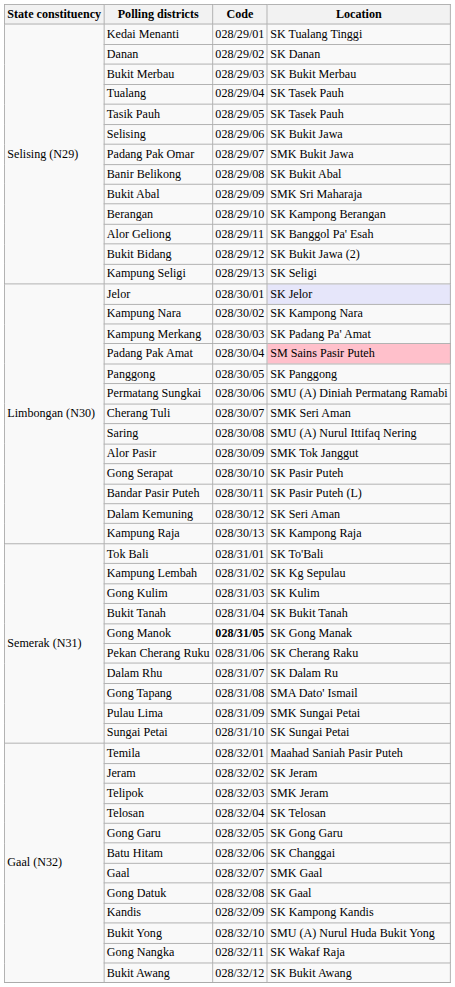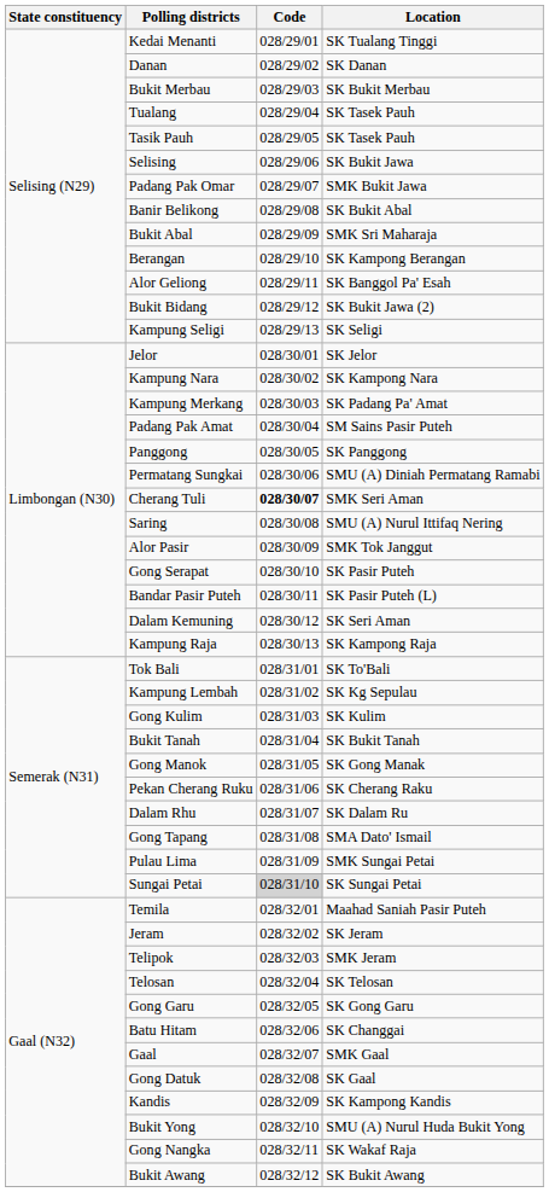 <table class="wikitable sortable mw-collapsible" style="white-space:nowrap;font-size:85%">
 <tr>
 <th>State constituency</th>
 <th>Polling districts</th>
 <th>Code</th>
 <th>Location</th>
 </tr>
 <tr>
 <td rowspan="13">Selising (N29)</td>
 <td>Kedai Menanti</td>
 <td>028/29/01</td>
 <td>SK Tualang Tinggi</td>
 </tr>
 <tr>
 <td>Danan</td>
 <td>028/29/02</td>
 <td>SK Danan</td>
 </tr>
 <tr>
 <td>Bukit Merbau</td>
 <td>028/29/03</td>
 <td>SK Bukit Merbau</td>
 </tr>
 <tr>
 <td>Tualang</td>
 <td>028/29/04</td>
 <td>SK Tasek Pauh</td>
 </tr>
 <tr>
 <td>Tasik Pauh</td>
 <td>028/29/05</td>
 <td>SK Tasek Pauh</td>
 </tr>
 <tr>
 <td>Selising</td>
 <td>028/29/06</td>
 <td>SK Bukit Jawa</td>
 </tr>
 <tr>
 <td>Padang Pak Omar</td>
 <td>028/29/07</td>
 <td>SMK Bukit Jawa</td>
 </tr>
 <tr>
 <td>Banir Belikong</td>
 <td>028/29/08</td>
 <td>SK Bukit Abal</td>
 </tr>
 <tr>
 <td>Bukit Abal</td>
 <td>028/29/09</td>
 <td>SMK Sri Maharaja</td>
 </tr>
 <tr>
 <td>Berangan</td>
 <td>028/29/10</td>
 <td>SK Kampong Berangan</td>
 </tr>
 <tr>
 <td>Alor Geliong</td>
 <td>028/29/11</td>
 <td>SK Banggol Pa' Esah</td>
 </tr>
 <tr>
 <td>Bukit Bidang</td>
 <td>028/29/12</td>
 <td>SK Bukit Jawa (2)</td>
 </tr>
 <tr>
 <td>Kampung Seligi</td>
 <td>028/29/13</td>
 <td>SK Seligi</td>
 </tr>
 <tr>
 <td rowspan="13">Limbongan (N30)</td>
 <td>Jelor</td>
 <td>028/30/01</td>
-<td style="background: lavender;">SK Jelor</td>
+<td>SK Jelor</td>
 </tr>
 <tr>
 <td>Kampung Nara</td>
 <td>028/30/02</td>
 <td>SK Kampong Nara</td>
 </tr>
 <tr>
 <td>Kampung Merkang</td>
 <td>028/30/03</td>
 <td>SK Padang Pa' Amat</td>
 </tr>
 <tr>
 <td>Padang Pak Amat</td>
 <td>028/30/04</td>
-<td style="background: pink;">SM Sains Pasir Puteh</td>
+<td>SM Sains Pasir Puteh</td>
 </tr>
 <tr>
 <td>Panggong</td>
 <td>028/30/05</td>
 <td>SK Panggong</td>
 </tr>
 <tr>
 <td>Permatang Sungkai</td>
 <td>028/30/06</td>
 <td>SMU (A) Diniah Permatang Ramabi</td>
 </tr>
 <tr>
 <td>Cherang Tuli</td>
-<td>028/30/07</td>
+<td><strong>028/30/07</strong></td>
 <td>SMK Seri Aman</td>
 </tr>
 <tr>
 <td>Saring</td>
 <td>028/30/08</td>
 <td>SMU (A) Nurul Ittifaq Nering</td>
 </tr>
 <tr>
 <td>Alor Pasir</td>
 <td>028/30/09</td>
 <td>SMK Tok Janggut</td>
 </tr>
 <tr>
 <td>Gong Serapat</td>
 <td>028/30/10</td>
 <td>SK Pasir Puteh</td>
 </tr>
 <tr>
 <td>Bandar Pasir Puteh</td>
 <td>028/30/11</td>
 <td>SK Pasir Puteh (L)</td>
 </tr>
 <tr>
 <td>Dalam Kemuning</td>
 <td>028/30/12</td>
 <td>SK Seri Aman</td>
 </tr>
 <tr>
 <td>Kampung Raja</td>
 <td>028/30/13</td>
 <td>SK Kampong Raja</td>
 </tr>
 <tr>
 <td rowspan="10">Semerak (N31)</td>
 <td>Tok Bali</td>
 <td>028/31/01</td>
 <td>SK To'Bali</td>
 </tr>
 <tr>
 <td>Kampung Lembah</td>
 <td>028/31/02</td>
 <td>SK Kg Sepulau</td>
 </tr>
 <tr>
 <td>Gong Kulim</td>
 <td>028/31/03</td>
 <td>SK Kulim</td>
 </tr>
 <tr>
 <td>Bukit Tanah</td>
 <td>028/31/04</td>
 <td>SK Bukit Tanah</td>
 </tr>
 <tr>
 <td>Gong Manok</td>
-<td><strong>028/31/05</strong></td>
+<td>028/31/05</td>
 <td>SK Gong Manak</td>
 </tr>
 <tr>
 <td>Pekan Cherang Ruku</td>
 <td>028/31/06</td>
 <td>SK Cherang Raku</td>
 </tr>
 <tr>
 <td>Dalam Rhu</td>
 <td>028/31/07</td>
 <td>SK Dalam Ru</td>
 </tr>
 <tr>
 <td>Gong Tapang</td>
 <td>028/31/08</td>
 <td>SMA Dato' Ismail</td>
 </tr>
 <tr>
 <td>Pulau Lima</td>
 <td>028/31/09</td>
 <td>SMK Sungai Petai</td>
 </tr>
 <tr>
 <td>Sungai Petai</td>
-<td>028/31/10</td>
+<td style="background: lightgrey;">028/31/10</td>
 <td>SK Sungai Petai</td>
 </tr>
 <tr>
 <td rowspan="12">Gaal (N32)</td>
 <td>Temila</td>
 <td>028/32/01</td>
 <td>Maahad Saniah Pasir Puteh</td>
 </tr>
 <tr>
 <td>Jeram</td>
 <td>028/32/02</td>
 <td>SK Jeram</td>
 </tr>
 <tr>
 <td>Telipok</td>
 <td>028/32/03</td>
 <td>SMK Jeram</td>
 </tr>
 <tr>
 <td>Telosan</td>
 <td>028/32/04</td>
 <td>SK Telosan</td>
 </tr>
 <tr>
 <td>Gong Garu</td>
 <td>028/32/05</td>
 <td>SK Gong Garu</td>
 </tr>
 <tr>
 <td>Batu Hitam</td>
 <td>028/32/06</td>
 <td>SK Changgai</td>
 </tr>
 <tr>
 <td>Gaal</td>
 <td>028/32/07</td>
 <td>SMK Gaal</td>
 </tr>
 <tr>
 <td>Gong Datuk</td>
 <td>028/32/08</td>
 <td>SK Gaal</td>
 </tr>
 <tr>
 <td>Kandis</td>
 <td>028/32/09</td>
 <td>SK Kampong Kandis</td>
 </tr>
 <tr>
 <td>Bukit Yong</td>
 <td>028/32/10</td>
 <td>SMU (A) Nurul Huda Bukit Yong</td>
 </tr>
 <tr>
 <td>Gong Nangka</td>
 <td>028/32/11</td>
 <td>SK Wakaf Raja</td>
 </tr>
 <tr>
 <td>Bukit Awang</td>
 <td>028/32/12</td>
 <td>SK Bukit Awang</td>
 </tr>
 <tr>
 </tr>
 </table>
